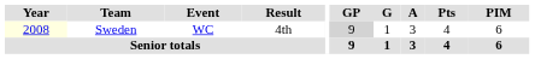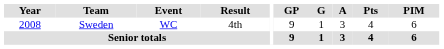 <table border="0" cellpadding="1" cellspacing="0" ID="Table3" style="text-align:center; width:40em">
 <tr ALIGN="center" bgcolor="#e0e0e0">
 <th>Year</th>
 <th>Team</th>
 <th>Event</th>
 <th>Result</th>
 <th rowspan="99" bgcolor="#ffffff"></th>
 <th>GP</th>
 <th>G</th>
 <th>A</th>
 <th>Pts</th>
 <th>PIM</th>
 </tr>
 <tr>
-<td style="background: lightyellow;"><a href='#'>2008</a></td>
+<td><a href='#'>2008</a></td>
 <td><a href='#'>Sweden</a></td>
 <td><a href='#'>WC</a></td>
 <td>4th</td>
-<td style="background: lightgrey;">9</td>
+<td>9</td>
 <td>1</td>
 <td>3</td>
 <td>4</td>
 <td>6</td>
 </tr>
 <tr bgcolor="#e0e0e0">
 <th colspan="4">Senior totals</th>
 <th>9</th>
 <th>1</th>
 <th>3</th>
 <th>4</th>
 <th>6</th>
 </tr>
 </table>
